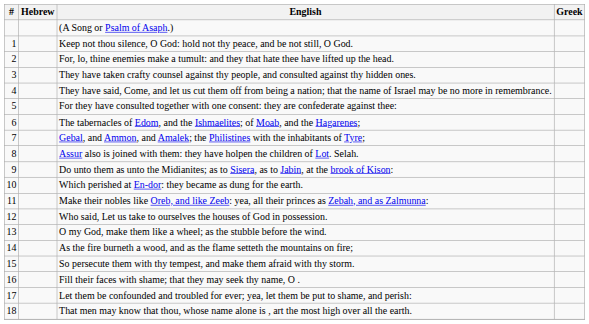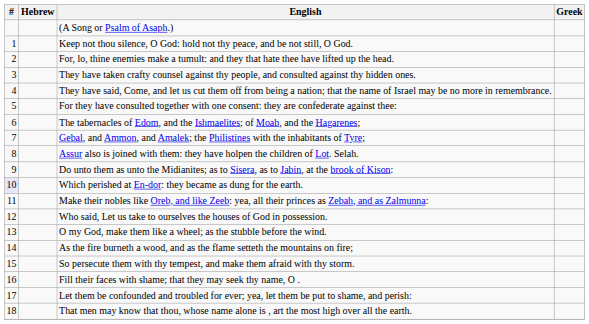 <table class=wikitable>
 <tr>
 <th>#</th>
 <th>Hebrew</th>
 <th>English</th>
 <th>Greek</th>
 </tr>
 <tr>
 <td style="text-align:right"></td>
 <td style="text-align:right"></td>
 <td>(A Song or <a href='#'>Psalm of Asaph</a>.)</td>
 <td></td>
 </tr>
 <tr>
 <td style="text-align:right">1</td>
 <td style="text-align:right"></td>
 <td>Keep not thou silence, O God: hold not thy peace, and be not still, O God.</td>
 <td></td>
 </tr>
 <tr>
 <td style="text-align:right">2</td>
 <td style="text-align:right"></td>
 <td>For, lo, thine enemies make a tumult: and they that hate thee have lifted up the head.</td>
 <td></td>
 </tr>
 <tr>
 <td style="text-align:right">3</td>
 <td style="text-align:right"></td>
 <td>They have taken crafty counsel against thy people, and consulted against thy hidden ones.</td>
 <td></td>
 </tr>
 <tr>
 <td style="text-align:right">4</td>
 <td style="text-align:right"></td>
 <td>They have said, Come, and let us cut them off from being a nation; that the name of Israel may be no more in remembrance.</td>
 <td></td>
 </tr>
 <tr>
 <td style="text-align:right">5</td>
 <td style="text-align:right"></td>
 <td>For they have consulted together with one consent: they are confederate against thee:</td>
 <td></td>
 </tr>
 <tr>
 <td style="text-align:right">6</td>
 <td style="text-align:right"></td>
 <td>The tabernacles of <a href='#'>Edom</a>, and the <a href='#'>Ishmaelites</a>; of <a href='#'>Moab</a>, and the <a href='#'>Hagarenes</a>;</td>
 <td></td>
 </tr>
 <tr>
 <td style="text-align:right">7</td>
 <td style="text-align:right"></td>
 <td><a href='#'>Gebal</a>, and <a href='#'>Ammon</a>, and <a href='#'>Amalek</a>; the <a href='#'>Philistines</a> with the inhabitants of <a href='#'>Tyre</a>;</td>
 <td></td>
 </tr>
 <tr>
 <td style="text-align:right">8</td>
 <td style="text-align:right"></td>
 <td><a href='#'>Assur</a> also is joined with them: they have holpen the children of <a href='#'>Lot</a>. Selah.</td>
 <td></td>
 </tr>
 <tr>
 <td style="text-align:right">9</td>
 <td style="text-align:right"></td>
 <td>Do unto them as unto the Midianites; as to <a href='#'>Sisera</a>, as to <a href='#'>Jabin</a>, at the <a href='#'>brook of Kison</a>:</td>
 <td></td>
 </tr>
 <tr>
-<td style="text-align:right">10</td>
+<td style="background: lavender; text-align:right">10</td>
 <td style="text-align:right"></td>
 <td>Which perished at <a href='#'>En-dor</a>: they became as dung for the earth.</td>
 <td></td>
 </tr>
 <tr>
 <td style="text-align:right">11</td>
 <td style="text-align:right"></td>
 <td>Make their nobles like <a href='#'>Oreb, and like Zeeb</a>: yea, all their princes as <a href='#'>Zebah, and as Zalmunna</a>:</td>
 <td></td>
 </tr>
 <tr>
 <td style="text-align:right">12</td>
 <td style="text-align:right"></td>
 <td>Who said, Let us take to ourselves the houses of God in possession.</td>
 <td></td>
 </tr>
 <tr>
 <td style="text-align:right">13</td>
 <td style="text-align:right"></td>
 <td>O my God, make them like a wheel; as the stubble before the wind.</td>
 <td></td>
 </tr>
 <tr>
 <td style="text-align:right">14</td>
 <td style="text-align:right"></td>
 <td>As the fire burneth a wood, and as the flame setteth the mountains on fire;</td>
 <td></td>
 </tr>
 <tr>
 <td style="text-align:right">15</td>
 <td style="text-align:right"></td>
 <td>So persecute them with thy tempest, and make them afraid with thy storm.</td>
 <td></td>
 </tr>
 <tr>
 <td style="text-align:right">16</td>
 <td style="text-align:right"></td>
 <td>Fill their faces with shame; that they may seek thy name, O .</td>
 <td></td>
 </tr>
 <tr>
 <td style="text-align:right">17</td>
 <td style="text-align:right"></td>
 <td>Let them be confounded and troubled for ever; yea, let them be put to shame, and perish:</td>
 <td></td>
 </tr>
 <tr>
 <td style="text-align:right">18</td>
 <td style="text-align:right"></td>
 <td>That men may know that thou, whose name alone is , art the most high over all the earth.</td>
 <td></td>
 </tr>
 <tr>
 </tr>
 </table>
